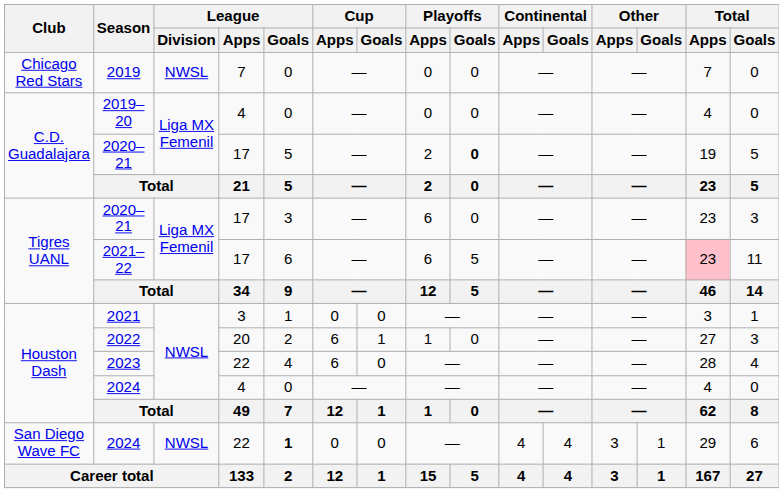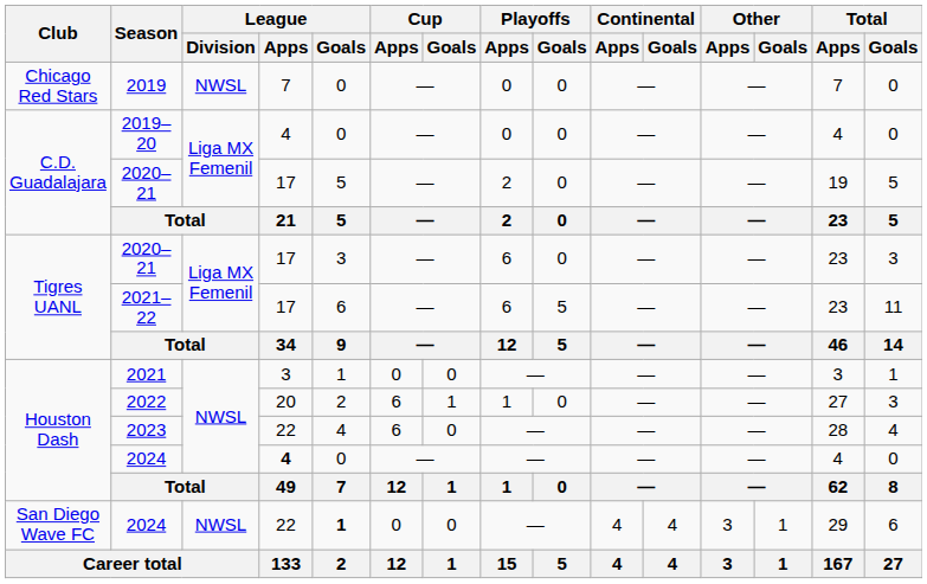 <table class="wikitable" style="text-align: center;">
 <tr>
 <th rowspan="2">Club</th>
 <th rowspan="2">Season</th>
 <th colspan="3">League</th>
 <th colspan="2">Cup</th>
 <th colspan="2">Playoffs</th>
 <th colspan="2">Continental</th>
 <th colspan="2">Other</th>
 <th colspan="2">Total</th>
 </tr>
 <tr>
 <th>Division</th>
 <th>Apps</th>
 <th>Goals</th>
 <th>Apps</th>
 <th>Goals</th>
 <th>Apps</th>
 <th>Goals</th>
 <th>Apps</th>
 <th>Goals</th>
 <th>Apps</th>
 <th>Goals</th>
 <th>Apps</th>
 <th>Goals</th>
 </tr>
 <tr>
 <td><a href='#'>Chicago Red Stars</a></td>
 <td><a href='#'>2019</a></td>
 <td><a href='#'>NWSL</a></td>
 <td>7</td>
 <td>0</td>
 <td colspan="2">—</td>
 <td>0</td>
 <td>0</td>
 <td colspan="2">—</td>
 <td colspan="2">—</td>
 <td>7</td>
 <td>0</td>
 </tr>
 <tr>
 <td rowspan="3"><a href='#'>C.D. Guadalajara</a></td>
 <td><a href='#'>2019–20</a></td>
 <td rowspan="2"><a href='#'>Liga MX Femenil</a></td>
 <td>4</td>
 <td>0</td>
 <td colspan="2">—</td>
 <td>0</td>
 <td>0</td>
 <td colspan="2">—</td>
 <td colspan="2">—</td>
 <td>4</td>
 <td>0</td>
 </tr>
 <tr>
 <td><a href='#'>2020–21</a></td>
 <td>17</td>
 <td>5</td>
 <td colspan="2">—</td>
 <td>2</td>
-<td><strong>0</strong></td>
+<td>0</td>
 <td colspan="2">—</td>
 <td colspan="2">—</td>
 <td>19</td>
 <td>5</td>
 </tr>
 <tr>
 <th colspan="2">Total</th>
 <th>21</th>
 <th>5</th>
 <th colspan="2">—</th>
 <th>2</th>
 <th>0</th>
 <th colspan="2">—</th>
 <th colspan="2">—</th>
 <th>23</th>
 <th>5</th>
 </tr>
 <tr>
 <td rowspan="3"><a href='#'>Tigres UANL</a></td>
 <td><a href='#'>2020–21</a></td>
 <td rowspan="2"><a href='#'>Liga MX Femenil</a></td>
 <td>17</td>
 <td>3</td>
 <td colspan="2">—</td>
 <td>6</td>
 <td>0</td>
 <td colspan="2">—</td>
 <td colspan="2">—</td>
 <td>23</td>
 <td>3</td>
 </tr>
 <tr>
 <td><a href='#'>2021–22</a></td>
 <td>17</td>
 <td>6</td>
 <td colspan="2">—</td>
 <td>6</td>
 <td>5</td>
 <td colspan="2">—</td>
 <td colspan="2">—</td>
-<td style="background: pink;">23</td>
+<td>23</td>
 <td>11</td>
 </tr>
 <tr>
 <th colspan="2">Total</th>
 <th>34</th>
 <th>9</th>
 <th colspan="2">—</th>
 <th>12</th>
 <th>5</th>
 <th colspan="2">—</th>
 <th colspan="2">—</th>
 <th>46</th>
 <th>14</th>
 </tr>
 <tr>
 <td rowspan="5"><a href='#'>Houston Dash</a></td>
 <td><a href='#'>2021</a></td>
 <td rowspan="4"><a href='#'>NWSL</a></td>
 <td>3</td>
 <td>1</td>
 <td>0</td>
 <td>0</td>
 <td colspan="2">—</td>
 <td colspan="2">—</td>
 <td colspan="2">—</td>
 <td>3</td>
 <td>1</td>
 </tr>
 <tr>
 <td><a href='#'>2022</a></td>
 <td>20</td>
 <td>2</td>
 <td>6</td>
 <td>1</td>
 <td>1</td>
 <td>0</td>
 <td colspan="2">—</td>
 <td colspan="2">—</td>
 <td>27</td>
 <td>3</td>
 </tr>
 <tr>
 <td><a href='#'>2023</a></td>
 <td>22</td>
 <td>4</td>
 <td>6</td>
 <td>0</td>
 <td colspan="2">—</td>
 <td colspan="2">—</td>
 <td colspan="2">—</td>
 <td>28</td>
 <td>4</td>
 </tr>
 <tr>
 <td><a href='#'>2024</a></td>
-<td>4</td>
+<td><strong>4</strong></td>
 <td>0</td>
 <td colspan="2">—</td>
 <td colspan="2">—</td>
 <td colspan="2">—</td>
 <td colspan="2">—</td>
 <td>4</td>
 <td>0</td>
 </tr>
 <tr>
 <th colspan="2">Total</th>
 <th>49</th>
 <th>7</th>
 <th>12</th>
 <th>1</th>
 <th>1</th>
 <th>0</th>
 <th colspan="2">—</th>
 <th colspan="2">—</th>
 <th>62</th>
 <th>8</th>
 </tr>
 <tr>
 <td><a href='#'>San Diego Wave FC</a></td>
 <td><a href='#'>2024</a></td>
 <td><a href='#'>NWSL</a></td>
 <td>22</td>
 <td><strong>1</strong></td>
 <td>0</td>
 <td>0</td>
 <td colspan="2">—</td>
 <td>4</td>
 <td>4</td>
 <td>3</td>
 <td>1</td>
 <td>29</td>
 <td>6</td>
 </tr>
 <tr>
 <th colspan="3">Career total</th>
 <th>133</th>
 <th>2</th>
 <th>12</th>
 <th>1</th>
 <th>15</th>
 <th>5</th>
 <th>4</th>
 <th>4</th>
 <th>3</th>
 <th>1</th>
 <th>167</th>
 <th>27</th>
 </tr>
 </table>
